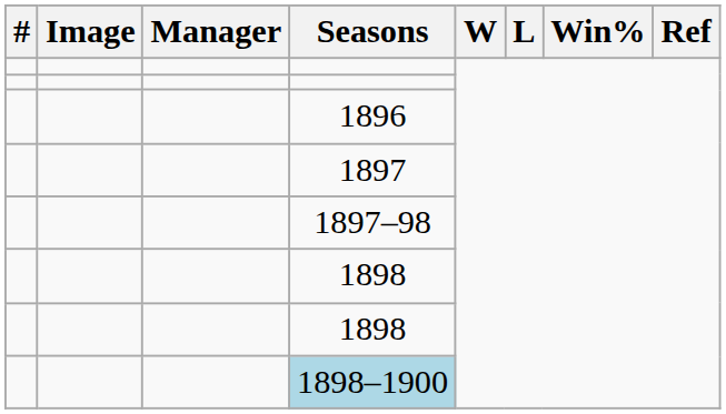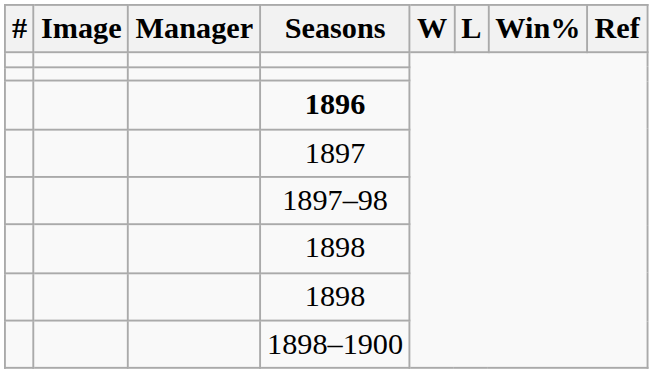 <table class="wikitable sortable" style="text-align:center">
 <tr>
 <th class="unsortable">#</th>
 <th class="unsortable">Image</th>
 <th>Manager</th>
 <th>Seasons</th>
 <th>W</th>
 <th>L</th>
 <th>Win%</th>
 <th>Ref</th>
 </tr>
 <tr>
 <td></td>
 <td></td>
 <td></td>
 <td></td>
 </tr>
 <tr>
 <td></td>
 <td></td>
 <td></td>
 <td></td>
 </tr>
 <tr>
 <td></td>
 <td></td>
 <td></td>
-<td>1896</td>
+<td><strong>1896</strong></td>
 </tr>
 <tr>
 <td></td>
 <td></td>
 <td></td>
 <td>1897</td>
 </tr>
 <tr>
 <td></td>
 <td></td>
 <td></td>
 <td>1897–98</td>
 </tr>
 <tr>
 <td></td>
 <td></td>
 <td></td>
 <td>1898</td>
 </tr>
 <tr>
 <td></td>
 <td></td>
 <td></td>
 <td>1898</td>
 </tr>
 <tr>
 <td></td>
 <td></td>
 <td></td>
-<td style="background: lightblue;">1898–1900</td>
+<td>1898–1900</td>
 </tr>
 </table>
